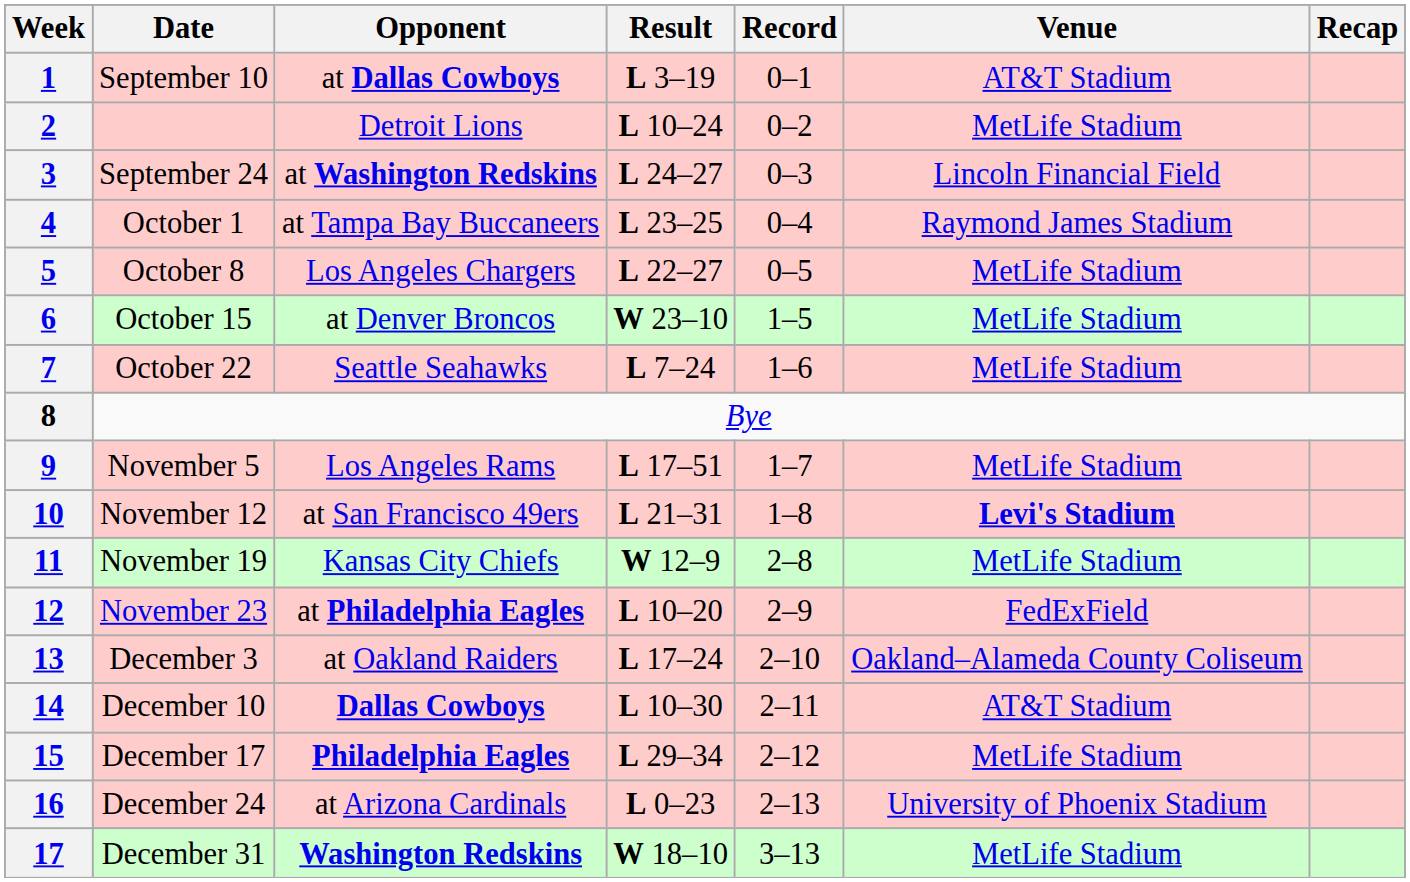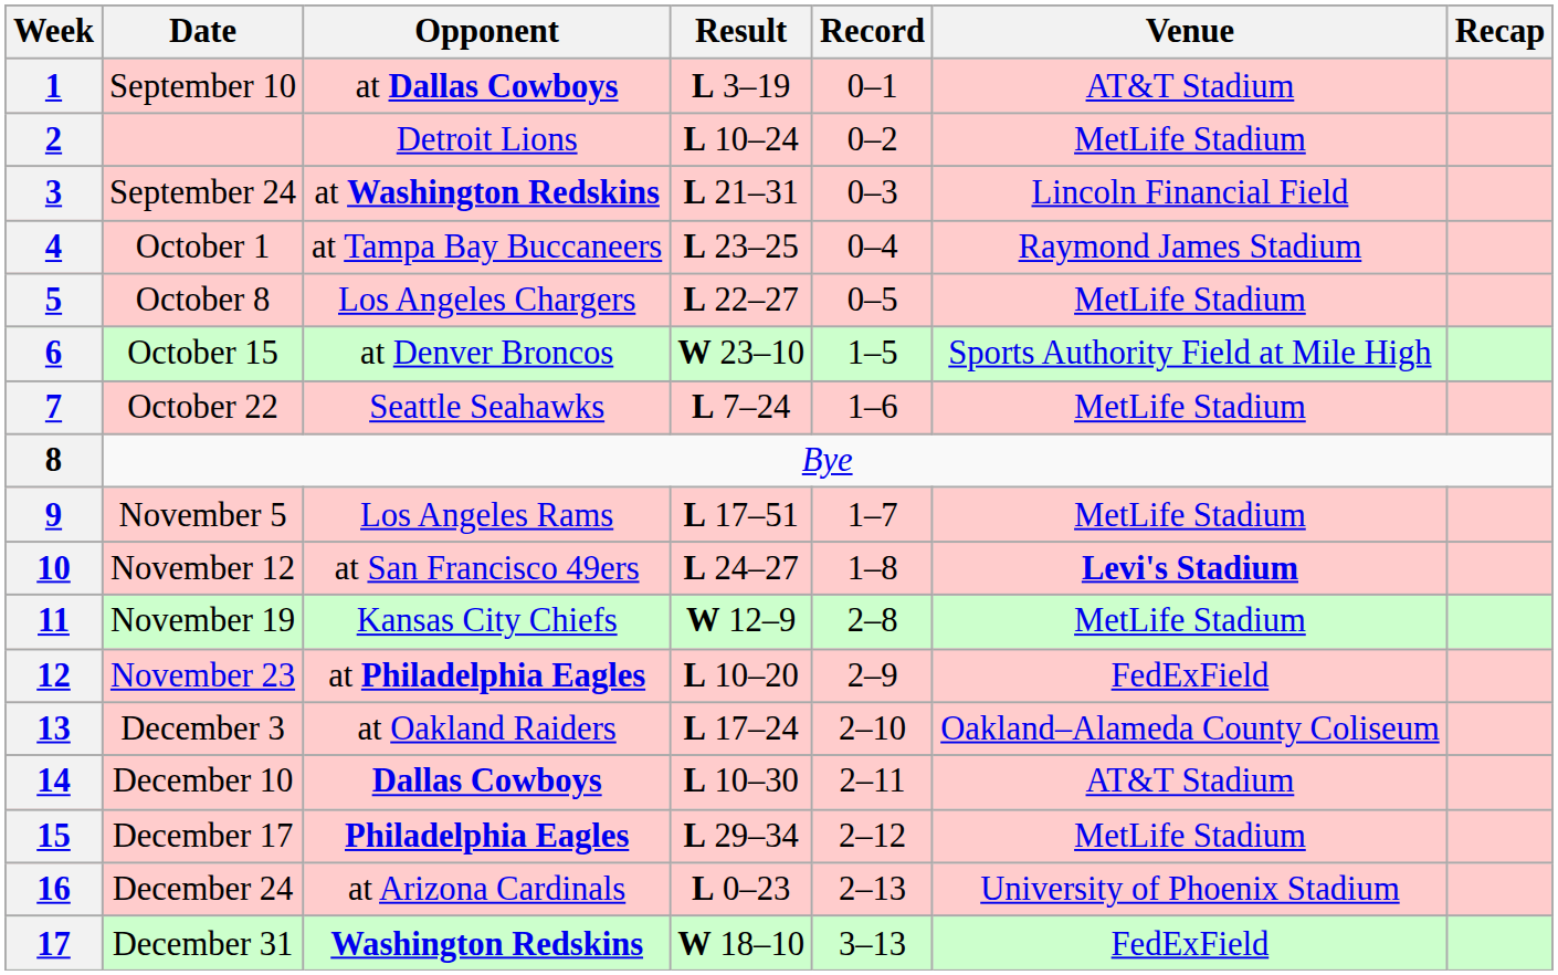 <table class="wikitable" style="text-align:center">
 <tr>
 <th>Week</th>
 <th>Date</th>
 <th>Opponent</th>
 <th>Result</th>
 <th>Record</th>
 <th>Venue</th>
 <th>Recap</th>
 </tr>
 <tr style="background:#fcc">
 <th><a href='#'>1</a></th>
 <td>September 10</td>
 <td>at <strong><a href='#'>Dallas Cowboys</a></strong></td>
 <td><strong>L</strong> 3–19</td>
 <td>0–1</td>
 <td><a href='#'>AT&T Stadium</a></td>
 <td></td>
 </tr>
 <tr style="background:#fcc">
 <th><a href='#'>2</a></th>
 <td></td>
 <td><a href='#'>Detroit Lions</a></td>
 <td><strong>L</strong> 10–24</td>
 <td>0–2</td>
 <td><a href='#'>MetLife Stadium</a></td>
 <td></td>
 </tr>
 <tr style="background:#fcc">
 <th><a href='#'>3</a></th>
 <td>September 24</td>
 <td>at <strong><a href='#'>Washington Redskins</a></strong></td>
-<td><strong>L</strong> 24–27</td>
+<td><strong>L</strong> 21–31</td>
 <td>0–3</td>
 <td><a href='#'>Lincoln Financial Field</a></td>
 <td></td>
 </tr>
 <tr style="background:#fcc">
 <th><a href='#'>4</a></th>
 <td>October 1</td>
 <td>at <a href='#'>Tampa Bay Buccaneers</a></td>
 <td><strong>L</strong> 23–25</td>
 <td>0–4</td>
 <td><a href='#'>Raymond James Stadium</a></td>
 <td></td>
 </tr>
 <tr style="background:#fcc">
 <th><a href='#'>5</a></th>
 <td>October 8</td>
 <td><a href='#'>Los Angeles Chargers</a></td>
 <td><strong>L</strong> 22–27</td>
 <td>0–5</td>
 <td><a href='#'>MetLife Stadium</a></td>
 <td></td>
 </tr>
 <tr style="background:#cfc">
 <th><a href='#'>6</a></th>
 <td>October 15</td>
 <td>at <a href='#'>Denver Broncos</a></td>
 <td><strong>W</strong> 23–10</td>
 <td>1–5</td>
-<td><a href='#'>MetLife Stadium</a></td>
+<td><a href='#'>Sports Authority Field at Mile High</a></td>
 <td></td>
 </tr>
 <tr style="background:#fcc">
 <th><a href='#'>7</a></th>
 <td>October 22</td>
 <td><a href='#'>Seattle Seahawks</a></td>
 <td><strong>L</strong> 7–24</td>
 <td>1–6</td>
 <td><a href='#'>MetLife Stadium</a></td>
 <td></td>
 </tr>
 <tr>
 <th>8</th>
 <td colspan="6"><em><a href='#'>Bye</a></em></td>
 </tr>
 <tr style="background:#fcc">
 <th><a href='#'>9</a></th>
 <td>November 5</td>
 <td><a href='#'>Los Angeles Rams</a></td>
 <td><strong>L</strong> 17–51</td>
 <td>1–7</td>
 <td><a href='#'>MetLife Stadium</a></td>
 <td></td>
 </tr>
 <tr style="background:#fcc">
 <th><a href='#'>10</a></th>
 <td>November 12</td>
 <td>at <a href='#'>San Francisco 49ers</a></td>
-<td><strong>L</strong> 21–31</td>
+<td><strong>L</strong> 24–27</td>
 <td>1–8</td>
 <td><strong><a href='#'>Levi's Stadium</a></strong></td>
 <td></td>
 </tr>
 <tr style="background:#cfc">
 <th><a href='#'>11</a></th>
 <td>November 19</td>
 <td><a href='#'>Kansas City Chiefs</a></td>
 <td><strong>W</strong> 12–9 </td>
 <td>2–8</td>
 <td><a href='#'>MetLife Stadium</a></td>
 <td></td>
 </tr>
 <tr style="background:#fcc">
 <th><a href='#'>12</a></th>
 <td><a href='#'>November 23</a></td>
 <td>at <strong><a href='#'>Philadelphia Eagles</a></strong></td>
 <td><strong>L</strong> 10–20</td>
 <td>2–9</td>
 <td><a href='#'>FedExField</a></td>
 <td></td>
 </tr>
 <tr style="background:#fcc">
 <th><a href='#'>13</a></th>
 <td>December 3</td>
 <td>at <a href='#'>Oakland Raiders</a></td>
 <td><strong>L</strong> 17–24</td>
 <td>2–10</td>
 <td><a href='#'>Oakland–Alameda County Coliseum</a></td>
 <td></td>
 </tr>
 <tr style="background:#fcc">
 <th><a href='#'>14</a></th>
 <td>December 10</td>
 <td><strong><a href='#'>Dallas Cowboys</a></strong></td>
 <td><strong>L</strong> 10–30</td>
 <td>2–11</td>
 <td><a href='#'>AT&T Stadium</a></td>
 <td></td>
 </tr>
 <tr style="background:#fcc">
 <th><a href='#'>15</a></th>
 <td>December 17</td>
 <td><strong><a href='#'>Philadelphia Eagles</a></strong></td>
 <td><strong>L</strong> 29–34</td>
 <td>2–12</td>
 <td><a href='#'>MetLife Stadium</a></td>
 <td></td>
 </tr>
 <tr style="background:#fcc">
 <th><a href='#'>16</a></th>
 <td>December 24</td>
 <td>at <a href='#'>Arizona Cardinals</a></td>
 <td><strong>L</strong> 0–23</td>
 <td>2–13</td>
 <td><a href='#'>University of Phoenix Stadium</a></td>
 <td></td>
 </tr>
 <tr style="background:#cfc">
 <th><a href='#'>17</a></th>
 <td>December 31</td>
 <td><strong><a href='#'>Washington Redskins</a></strong></td>
 <td><strong>W</strong> 18–10</td>
 <td>3–13</td>
-<td><a href='#'>MetLife Stadium</a></td>
+<td><a href='#'>FedExField</a></td>
 <td></td>
 </tr>
 </table>
